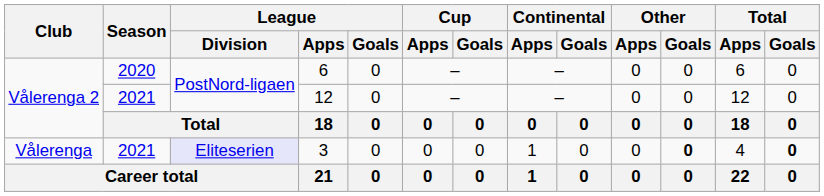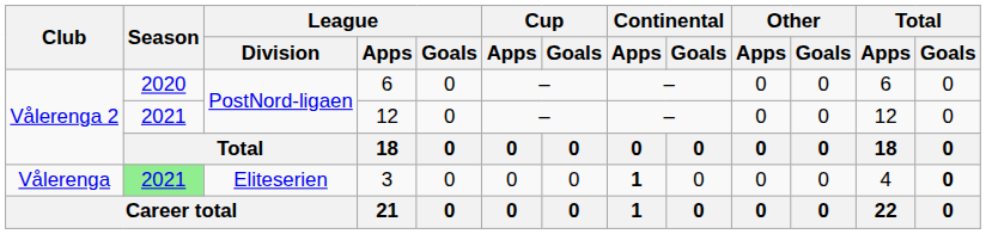 <table class="wikitable" style="text-align: center">
 <tr>
 <th rowspan="2">Club</th>
 <th rowspan="2">Season</th>
 <th colspan="3">League</th>
 <th colspan="2">Cup</th>
 <th colspan="2">Continental</th>
 <th colspan="2">Other</th>
 <th colspan="2">Total</th>
 </tr>
 <tr>
 <th>Division</th>
 <th>Apps</th>
 <th>Goals</th>
 <th>Apps</th>
 <th>Goals</th>
 <th>Apps</th>
 <th>Goals</th>
 <th>Apps</th>
 <th>Goals</th>
 <th>Apps</th>
 <th>Goals</th>
 </tr>
 <tr>
 <td rowspan="3"><a href='#'>Vålerenga 2</a></td>
 <td><a href='#'>2020</a></td>
 <td rowspan="2"><a href='#'>PostNord-ligaen</a></td>
 <td>6</td>
 <td>0</td>
 <td colspan="2">–</td>
 <td colspan="2">–</td>
 <td>0</td>
 <td>0</td>
 <td>6</td>
 <td>0</td>
 </tr>
 <tr>
 <td><a href='#'>2021</a></td>
 <td>12</td>
 <td>0</td>
 <td colspan="2">–</td>
 <td colspan="2">–</td>
 <td>0</td>
 <td>0</td>
 <td>12</td>
 <td>0</td>
 </tr>
 <tr>
 <th colspan="2"><strong>Total</strong></th>
 <th>18</th>
 <th>0</th>
 <th>0</th>
 <th>0</th>
 <th>0</th>
 <th>0</th>
 <th>0</th>
 <th>0</th>
 <th>18</th>
 <th>0</th>
 </tr>
 <tr>
 <td><a href='#'>Vålerenga</a></td>
-<td><a href='#'>2021</a></td>
-<td style="background: lavender;"><a href='#'>Eliteserien</a></td>
+<td style="background: lightgreen;"><a href='#'>2021</a></td>
+<td><a href='#'>Eliteserien</a></td>
 <td>3</td>
 <td>0</td>
 <td>0</td>
 <td>0</td>
-<td>1</td>
+<td><strong>1</strong></td>
 <td>0</td>
 <td>0</td>
-<td><strong>0</strong></td>
+<td>0</td>
 <td>4</td>
 <td><strong>0</strong></td>
 </tr>
 <tr>
 <th colspan="3"><strong>Career total</strong></th>
 <th>21</th>
 <th>0</th>
 <th>0</th>
 <th>0</th>
 <th>1</th>
 <th>0</th>
 <th>0</th>
 <th>0</th>
 <th>22</th>
 <th>0</th>
 </tr>
 </table>
